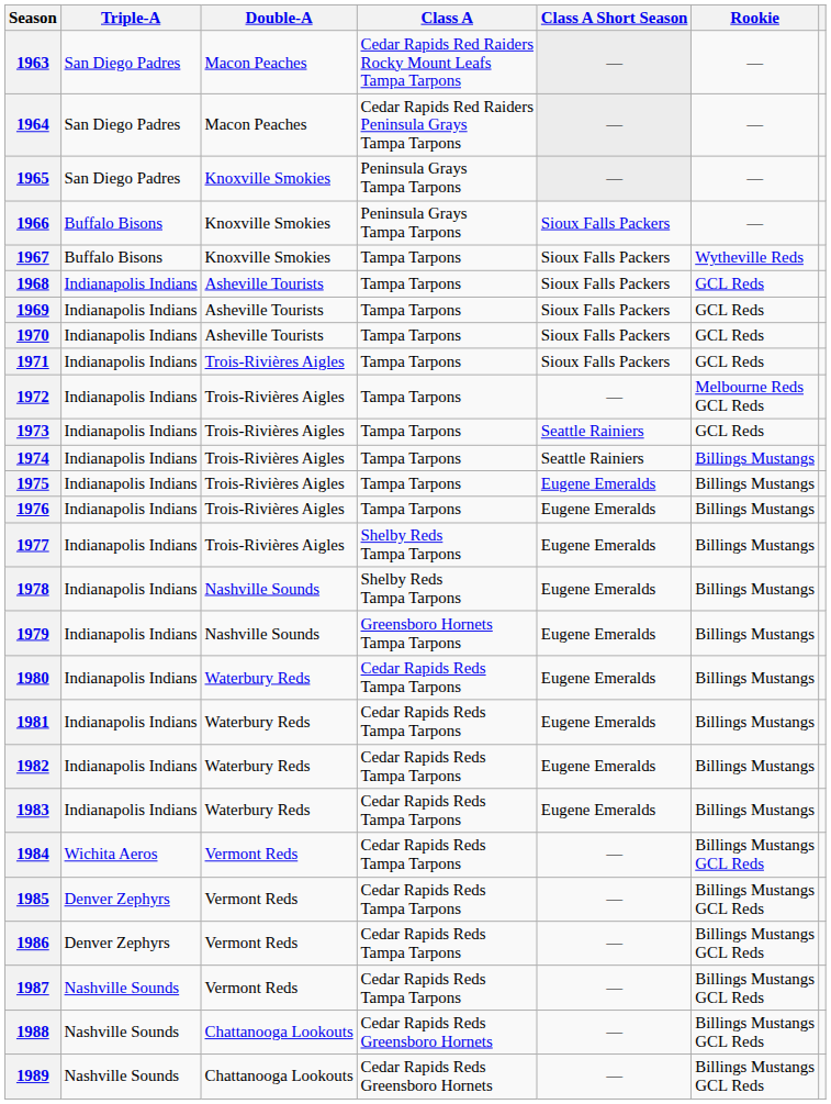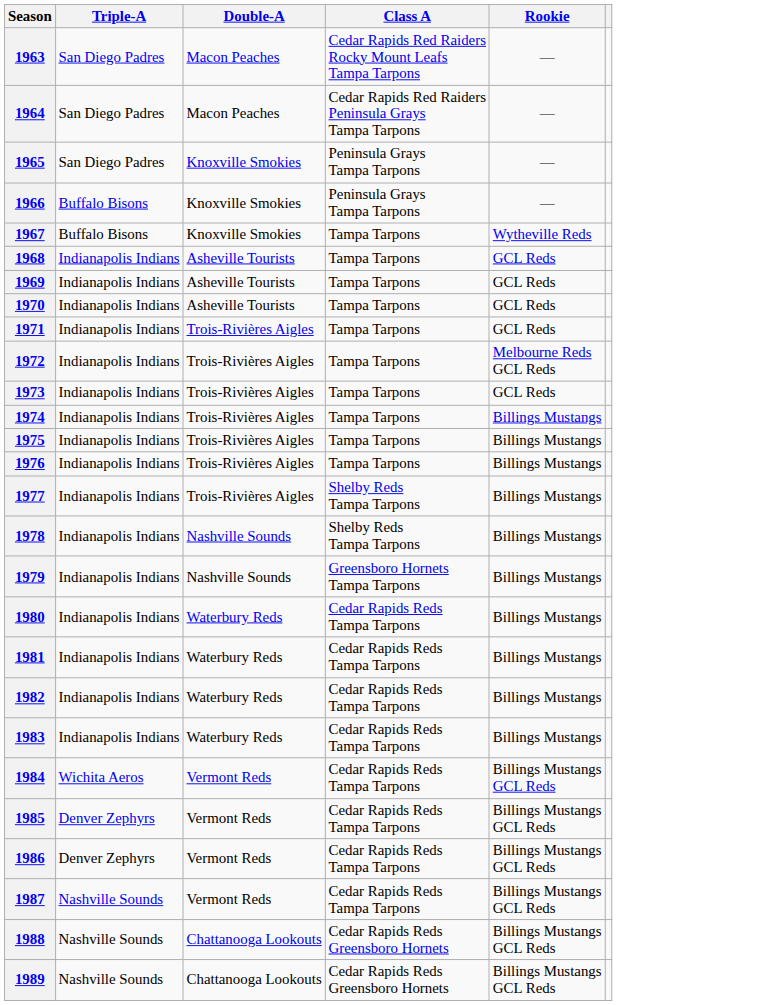 <table class="wikitable plainrowheaders">
 <tr>
 <th scope="col">Season</th>
 <th scope="col"><a href='#'><span>Triple-A</span></a></th>
 <th scope="col"><a href='#'><span>Double-A</span></a></th>
 <th scope="col"><a href='#'><span>Class A</span></a></th>
-<th scope="col"><a href='#'><span>Class A Short Season</span></a></th>
 <th scope="col"><a href='#'><span>Rookie</span></a></th>
 <th scope="col"></th>
 </tr>
 <tr>
 <th scope="row" style="text-align:center"><a href='#'>1963</a></th>
 <td><a href='#'>San Diego Padres</a></td>
 <td><a href='#'>Macon Peaches</a></td>
 <td><a href='#'>Cedar Rapids Red Raiders</a><br><a href='#'>Rocky Mount Leafs</a><br><a href='#'>Tampa Tarpons</a></td>
-<td style="background:#ececec" align="center">—</td>
 <td align="center">—</td>
 <td align="center"></td>
 </tr>
 <tr>
 <th scope="row" style="text-align:center"><a href='#'>1964</a></th>
 <td>San Diego Padres</td>
 <td>Macon Peaches</td>
 <td>Cedar Rapids Red Raiders<br><a href='#'>Peninsula Grays</a><br>Tampa Tarpons</td>
-<td style="background:#ececec" align="center">—</td>
 <td align="center">—</td>
 <td align="center"></td>
 </tr>
 <tr>
 <th scope="row" style="text-align:center"><a href='#'>1965</a></th>
 <td>San Diego Padres</td>
 <td><a href='#'>Knoxville Smokies</a></td>
 <td>Peninsula Grays<br>Tampa Tarpons</td>
-<td style="background:#ececec" align="center">—</td>
 <td align="center">—</td>
 <td align="center"></td>
 </tr>
 <tr>
 <th scope="row" style="text-align:center"><a href='#'>1966</a></th>
 <td><a href='#'>Buffalo Bisons</a></td>
 <td>Knoxville Smokies</td>
 <td>Peninsula Grays<br>Tampa Tarpons</td>
-<td><a href='#'>Sioux Falls Packers</a></td>
 <td align="center">—</td>
 <td align="center"></td>
 </tr>
 <tr>
 <th scope="row" style="text-align:center"><a href='#'>1967</a></th>
 <td>Buffalo Bisons</td>
 <td>Knoxville Smokies</td>
 <td>Tampa Tarpons</td>
-<td>Sioux Falls Packers</td>
 <td><a href='#'>Wytheville Reds</a></td>
 <td align="center"></td>
 </tr>
 <tr>
 <th scope="row" style="text-align:center"><a href='#'>1968</a></th>
 <td><a href='#'>Indianapolis Indians</a></td>
 <td><a href='#'>Asheville Tourists</a></td>
 <td>Tampa Tarpons</td>
-<td>Sioux Falls Packers</td>
 <td><a href='#'>GCL Reds</a></td>
 <td align="center"></td>
 </tr>
 <tr>
 <th scope="row" style="text-align:center"><a href='#'>1969</a></th>
 <td>Indianapolis Indians</td>
 <td>Asheville Tourists</td>
 <td>Tampa Tarpons</td>
-<td>Sioux Falls Packers</td>
 <td>GCL Reds</td>
 <td align="center"></td>
 </tr>
 <tr>
 <th scope="row" style="text-align:center"><a href='#'>1970</a></th>
 <td>Indianapolis Indians</td>
 <td>Asheville Tourists</td>
 <td>Tampa Tarpons</td>
-<td>Sioux Falls Packers</td>
 <td>GCL Reds</td>
 <td align="center"></td>
 </tr>
 <tr>
 <th scope="row" style="text-align:center"><a href='#'>1971</a></th>
 <td>Indianapolis Indians</td>
 <td><a href='#'>Trois-Rivières Aigles</a></td>
 <td>Tampa Tarpons</td>
-<td>Sioux Falls Packers</td>
 <td>GCL Reds</td>
 <td align="center"></td>
 </tr>
 <tr>
 <th scope="row" style="text-align:center"><a href='#'>1972</a></th>
 <td>Indianapolis Indians</td>
 <td>Trois-Rivières Aigles</td>
 <td>Tampa Tarpons</td>
-<td align="center">—</td>
 <td><a href='#'>Melbourne Reds</a><br>GCL Reds</td>
 <td align="center"></td>
 </tr>
 <tr>
 <th scope="row" style="text-align:center"><a href='#'>1973</a></th>
 <td>Indianapolis Indians</td>
 <td>Trois-Rivières Aigles</td>
 <td>Tampa Tarpons</td>
-<td><a href='#'>Seattle Rainiers</a></td>
 <td>GCL Reds</td>
 <td align="center"></td>
 </tr>
 <tr>
 <th scope="row" style="text-align:center"><a href='#'>1974</a></th>
 <td>Indianapolis Indians</td>
 <td>Trois-Rivières Aigles</td>
 <td>Tampa Tarpons</td>
-<td>Seattle Rainiers</td>
 <td><a href='#'>Billings Mustangs</a></td>
 <td align="center"></td>
 </tr>
 <tr>
 <th scope="row" style="text-align:center"><a href='#'>1975</a></th>
 <td>Indianapolis Indians</td>
 <td>Trois-Rivières Aigles</td>
 <td>Tampa Tarpons</td>
-<td><a href='#'>Eugene Emeralds</a></td>
 <td>Billings Mustangs</td>
 <td align="center"></td>
 </tr>
 <tr>
 <th scope="row" style="text-align:center"><a href='#'>1976</a></th>
 <td>Indianapolis Indians</td>
 <td>Trois-Rivières Aigles</td>
 <td>Tampa Tarpons</td>
-<td>Eugene Emeralds</td>
 <td>Billings Mustangs</td>
 <td align="center"></td>
 </tr>
 <tr>
 <th scope="row" style="text-align:center"><a href='#'>1977</a></th>
 <td>Indianapolis Indians</td>
 <td>Trois-Rivières Aigles</td>
 <td><a href='#'>Shelby Reds</a><br>Tampa Tarpons</td>
-<td>Eugene Emeralds</td>
 <td>Billings Mustangs</td>
 <td align="center"></td>
 </tr>
 <tr>
 <th scope="row" style="text-align:center"><a href='#'>1978</a></th>
 <td>Indianapolis Indians</td>
 <td><a href='#'>Nashville Sounds</a></td>
 <td>Shelby Reds<br>Tampa Tarpons</td>
-<td>Eugene Emeralds</td>
 <td>Billings Mustangs</td>
 <td align="center"></td>
 </tr>
 <tr>
 <th scope="row" style="text-align:center"><a href='#'>1979</a></th>
 <td>Indianapolis Indians</td>
 <td>Nashville Sounds</td>
 <td><a href='#'>Greensboro Hornets</a><br>Tampa Tarpons</td>
-<td>Eugene Emeralds</td>
 <td>Billings Mustangs</td>
 <td align="center"></td>
 </tr>
 <tr>
 <th scope="row" style="text-align:center"><a href='#'>1980</a></th>
 <td>Indianapolis Indians</td>
 <td><a href='#'>Waterbury Reds</a></td>
 <td><a href='#'>Cedar Rapids Reds</a><br>Tampa Tarpons</td>
-<td>Eugene Emeralds</td>
 <td>Billings Mustangs</td>
 <td align="center"></td>
 </tr>
 <tr>
 <th scope="row" style="text-align:center"><a href='#'>1981</a></th>
 <td>Indianapolis Indians</td>
 <td>Waterbury Reds</td>
 <td>Cedar Rapids Reds<br>Tampa Tarpons</td>
-<td>Eugene Emeralds</td>
 <td>Billings Mustangs</td>
 <td align="center"></td>
 </tr>
 <tr>
 <th scope="row" style="text-align:center"><a href='#'>1982</a></th>
 <td>Indianapolis Indians</td>
 <td>Waterbury Reds</td>
 <td>Cedar Rapids Reds<br>Tampa Tarpons</td>
-<td>Eugene Emeralds</td>
 <td>Billings Mustangs</td>
 <td align="center"></td>
 </tr>
 <tr>
 <th scope="row" style="text-align:center"><a href='#'>1983</a></th>
 <td>Indianapolis Indians</td>
 <td>Waterbury Reds</td>
 <td>Cedar Rapids Reds<br>Tampa Tarpons</td>
-<td>Eugene Emeralds</td>
 <td>Billings Mustangs</td>
 <td align="center"></td>
 </tr>
 <tr>
 <th scope="row" style="text-align:center"><a href='#'>1984</a></th>
 <td><a href='#'>Wichita Aeros</a></td>
 <td><a href='#'>Vermont Reds</a></td>
 <td>Cedar Rapids Reds<br>Tampa Tarpons</td>
-<td align="center">—</td>
 <td>Billings Mustangs<br><a href='#'>GCL Reds</a></td>
 <td align="center"></td>
 </tr>
 <tr>
 <th scope="row" style="text-align:center"><a href='#'>1985</a></th>
 <td><a href='#'>Denver Zephyrs</a></td>
 <td>Vermont Reds</td>
 <td>Cedar Rapids Reds<br>Tampa Tarpons</td>
-<td align="center">—</td>
 <td>Billings Mustangs<br>GCL Reds</td>
 <td align="center"></td>
 </tr>
 <tr>
 <th scope="row" style="text-align:center"><a href='#'>1986</a></th>
 <td>Denver Zephyrs</td>
 <td>Vermont Reds</td>
 <td>Cedar Rapids Reds<br>Tampa Tarpons</td>
-<td align="center">—</td>
 <td>Billings Mustangs<br>GCL Reds</td>
 <td align="center"></td>
 </tr>
 <tr>
 <th scope="row" style="text-align:center"><a href='#'>1987</a></th>
 <td><a href='#'>Nashville Sounds</a></td>
 <td>Vermont Reds</td>
 <td>Cedar Rapids Reds<br>Tampa Tarpons</td>
-<td align="center">—</td>
 <td>Billings Mustangs<br>GCL Reds</td>
 <td align="center"></td>
 </tr>
 <tr>
 <th scope="row" style="text-align:center"><a href='#'>1988</a></th>
 <td>Nashville Sounds</td>
 <td><a href='#'>Chattanooga Lookouts</a></td>
 <td>Cedar Rapids Reds<br><a href='#'>Greensboro Hornets</a></td>
-<td align="center">—</td>
 <td>Billings Mustangs<br>GCL Reds</td>
 <td align="center"></td>
 </tr>
 <tr>
 <th scope="row" style="text-align:center"><a href='#'>1989</a></th>
 <td>Nashville Sounds</td>
 <td>Chattanooga Lookouts</td>
 <td>Cedar Rapids Reds<br>Greensboro Hornets</td>
-<td align="center">—</td>
 <td>Billings Mustangs<br>GCL Reds</td>
 <td align="center"></td>
 </tr>
 </table>
